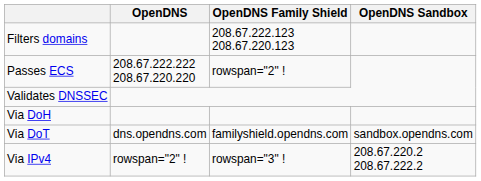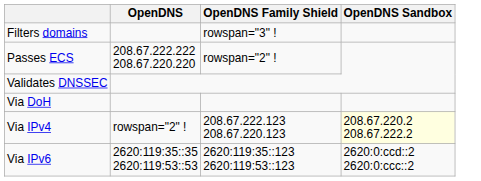 <table class="wikitable">
 <tr>
 <th></th>
 <th>OpenDNS</th>
 <th>OpenDNS Family Shield</th>
 <th>OpenDNS Sandbox</th>
 </tr>
 <tr>
 <td>Filters <a href='#'>domains</a></td>
 <td></td>
-<td>208.67.222.123<br>208.67.220.123</td>
+<td>rowspan="3" ! </td>
 <td></td>
 </tr>
 <tr>
 <td>Passes <a href='#'>ECS</a></td>
 <td>208.67.222.222<br>208.67.220.220</td>
 <td>rowspan="2" ! </td>
 </tr>
 <tr>
 <td>Validates <a href='#'>DNSSEC</a></td>
 </tr>
 <tr>
 <td>Via <a href='#'>DoH</a></td>
 <td></td>
 <td></td>
 <td></td>
 </tr>
 <tr>
-<td>Via <a href='#'>DoT</a></td>
-<td>dns.opendns.com</td>
-<td>familyshield.opendns.com</td>
-<td>sandbox.opendns.com</td>
+<td>Via <a href='#'>IPv4</a></td>
+<td>rowspan="2" ! </td>
+<td>208.67.222.123<br>208.67.220.123</td>
+<td style="background: lightyellow;">208.67.220.2<br>208.67.222.2</td>
 </tr>
 <tr>
-<td>Via <a href='#'>IPv4</a></td>
-<td>rowspan="2" ! </td>
-<td>rowspan="3" ! </td>
-<td>208.67.220.2<br>208.67.222.2</td>
+<td>Via <a href='#'>IPv6</a></td>
+<td>2620:119:35::35<br>2620:119:53::53</td>
+<td>2620:119:35::123<br>2620:119:53::123</td>
+<td>2620:0:ccd::2<br>2620:0:ccc::2</td>
 </tr>
 </table>
